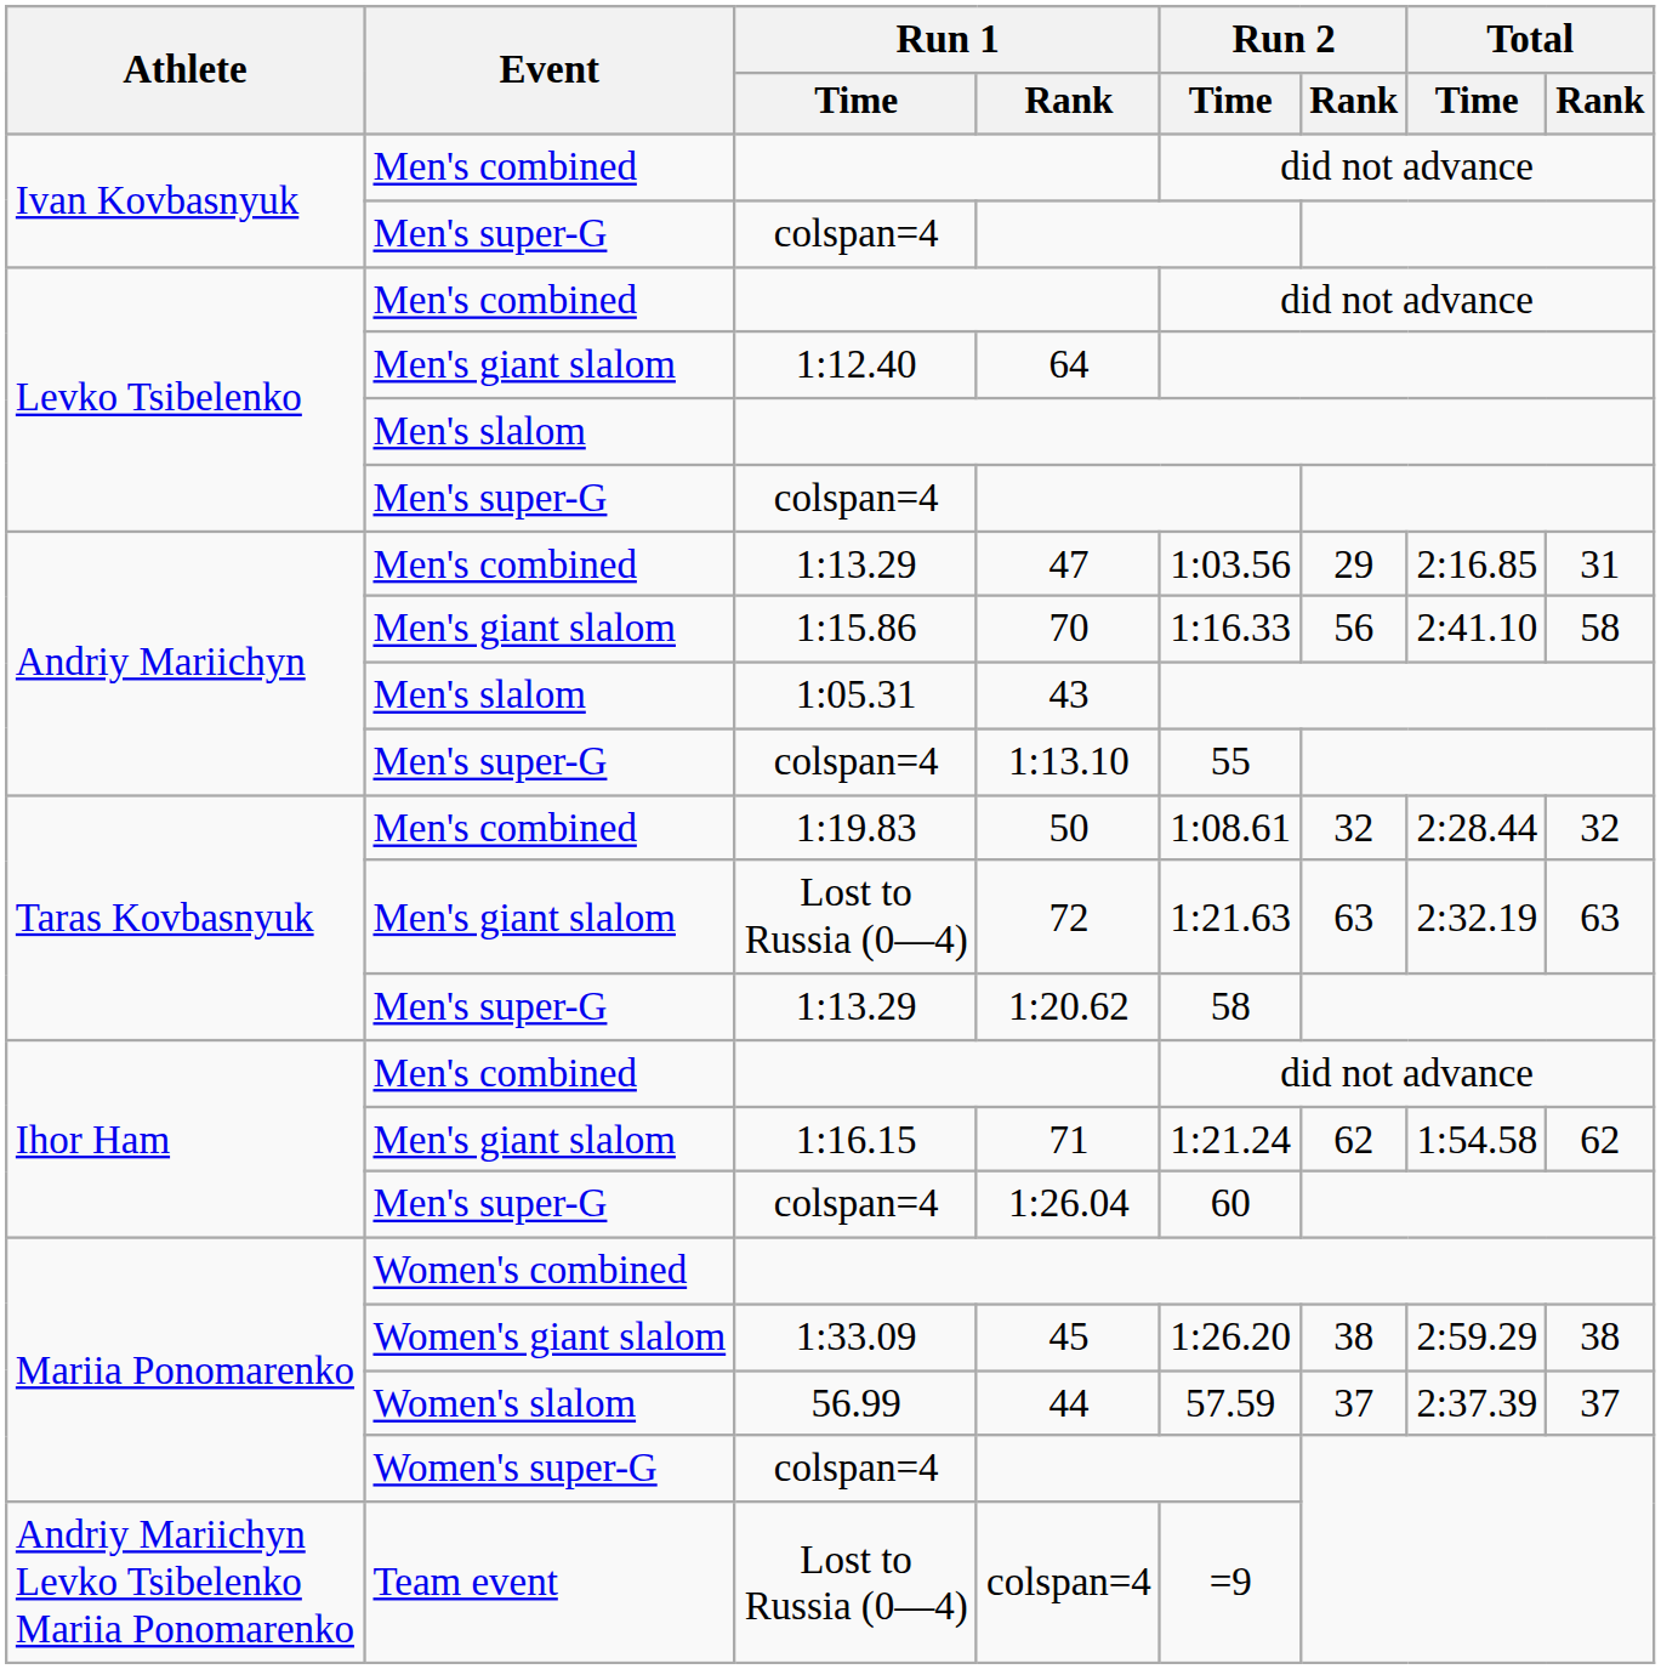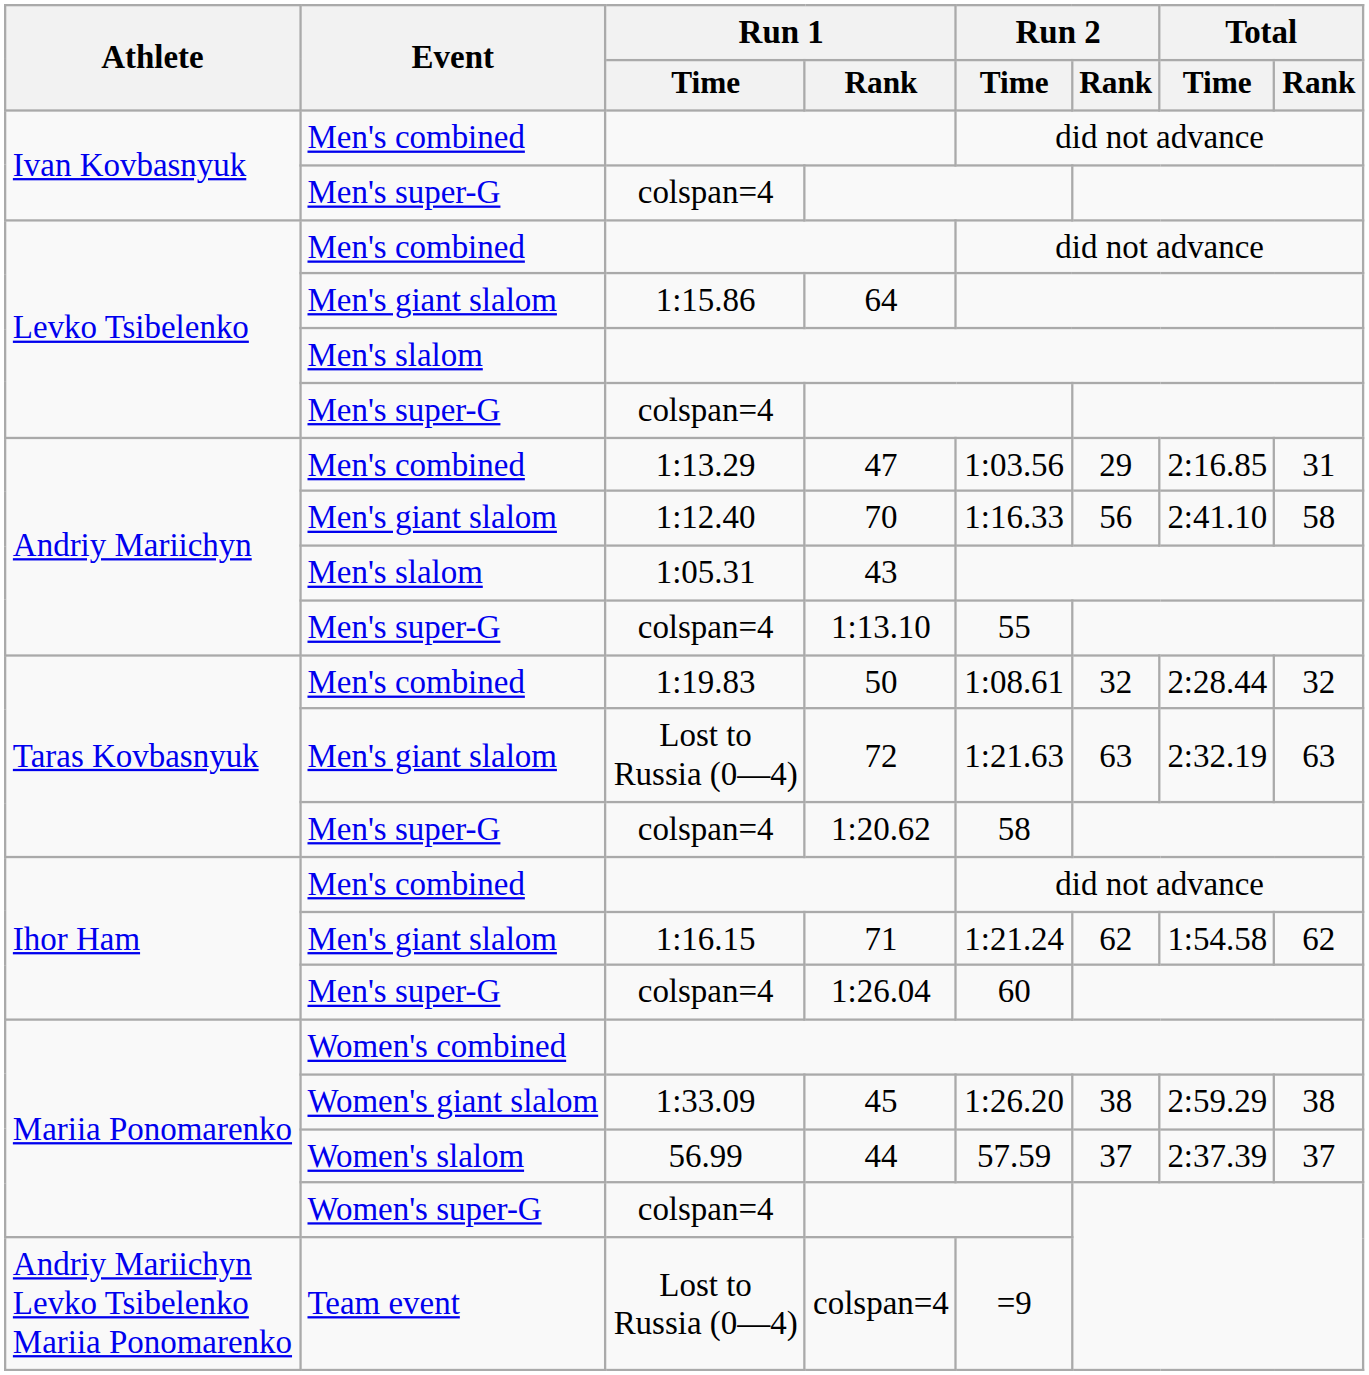 <table class=wikitable style=font-size:90%;text-align:center>
 <tr>
 <th rowspan=2>Athlete</th>
 <th rowspan=2>Event</th>
 <th colspan=2>Run 1</th>
 <th colspan=2>Run 2</th>
 <th colspan=2>Total</th>
 </tr>
 <tr style=font-size:95%>
 <th>Time</th>
 <th>Rank</th>
 <th>Time</th>
 <th>Rank</th>
 <th>Time</th>
 <th>Rank</th>
 </tr>
 <tr>
 <td align=left rowspan=2><a href='#'>Ivan Kovbasnyuk</a></td>
 <td align=left><a href='#'>Men's combined</a></td>
 <td colspan=2></td>
 <td colspan=4>did not advance</td>
 </tr>
 <tr>
 <td align=left><a href='#'>Men's super-G</a></td>
 <td>colspan=4 </td>
 <td colspan=2></td>
 </tr>
 <tr>
 <td align=left rowspan=4><a href='#'>Levko Tsibelenko</a></td>
 <td align=left><a href='#'>Men's combined</a></td>
 <td colspan=2></td>
 <td colspan=4>did not advance</td>
 </tr>
 <tr>
 <td align=left><a href='#'>Men's giant slalom</a></td>
-<td>1:12.40</td>
+<td>1:15.86</td>
 <td>64</td>
 <td colspan=4></td>
 </tr>
 <tr>
 <td align=left><a href='#'>Men's slalom</a></td>
 <td colspan=6></td>
 </tr>
 <tr>
 <td align=left><a href='#'>Men's super-G</a></td>
 <td>colspan=4 </td>
 <td colspan=2></td>
 </tr>
 <tr>
 <td align=left rowspan=4><a href='#'>Andriy Mariichyn</a></td>
 <td align=left><a href='#'>Men's combined</a></td>
 <td>1:13.29</td>
 <td>47</td>
 <td>1:03.56</td>
 <td>29</td>
 <td>2:16.85</td>
 <td>31</td>
 </tr>
 <tr>
 <td align=left><a href='#'>Men's giant slalom</a></td>
-<td>1:15.86</td>
+<td>1:12.40</td>
 <td>70</td>
 <td>1:16.33</td>
 <td>56</td>
 <td>2:41.10</td>
 <td>58</td>
 </tr>
 <tr>
 <td align=left><a href='#'>Men's slalom</a></td>
 <td>1:05.31</td>
 <td>43</td>
 <td colspan=4></td>
 </tr>
 <tr>
 <td align=left><a href='#'>Men's super-G</a></td>
 <td>colspan=4 </td>
 <td>1:13.10</td>
 <td>55</td>
 </tr>
 <tr>
 <td align=left rowspan=3><a href='#'>Taras Kovbasnyuk</a></td>
 <td align=left><a href='#'>Men's combined</a></td>
 <td>1:19.83</td>
 <td>50</td>
 <td>1:08.61</td>
 <td>32</td>
 <td>2:28.44</td>
 <td>32</td>
 </tr>
 <tr>
 <td align=left><a href='#'>Men's giant slalom</a></td>
 <td>Lost to<br>Russia (0—4)</td>
 <td>72</td>
 <td>1:21.63</td>
 <td>63</td>
 <td>2:32.19</td>
 <td>63</td>
 </tr>
 <tr>
 <td align=left><a href='#'>Men's super-G</a></td>
-<td>1:13.29</td>
+<td>colspan=4 </td>
 <td>1:20.62</td>
 <td>58</td>
 </tr>
 <tr>
 <td align=left rowspan=3><a href='#'>Ihor Ham</a></td>
 <td align=left><a href='#'>Men's combined</a></td>
 <td colspan=2></td>
 <td colspan=4>did not advance</td>
 </tr>
 <tr>
 <td align=left><a href='#'>Men's giant slalom</a></td>
 <td>1:16.15</td>
 <td>71</td>
 <td>1:21.24</td>
 <td>62</td>
 <td>1:54.58</td>
 <td>62</td>
 </tr>
 <tr>
 <td align=left><a href='#'>Men's super-G</a></td>
 <td>colspan=4 </td>
 <td>1:26.04</td>
 <td>60</td>
 </tr>
 <tr>
 <td align=left rowspan=4><a href='#'>Mariia Ponomarenko</a></td>
 <td align=left><a href='#'>Women's combined</a></td>
 <td colspan=6></td>
 </tr>
 <tr>
 <td align=left><a href='#'>Women's giant slalom</a></td>
 <td>1:33.09</td>
 <td>45</td>
 <td>1:26.20</td>
 <td>38</td>
 <td>2:59.29</td>
 <td>38</td>
 </tr>
 <tr>
 <td align=left><a href='#'>Women's slalom</a></td>
 <td>56.99</td>
 <td>44</td>
 <td>57.59</td>
 <td>37</td>
 <td>2:37.39</td>
 <td>37</td>
 </tr>
 <tr>
 <td align=left><a href='#'>Women's super-G</a></td>
 <td>colspan=4 </td>
 <td colspan=2></td>
 </tr>
 <tr>
 <td align=left><a href='#'>Andriy Mariichyn</a><br><a href='#'>Levko Tsibelenko</a><br><a href='#'>Mariia Ponomarenko</a></td>
 <td align=left><a href='#'>Team event</a></td>
 <td>Lost to<br>Russia (0—4)</td>
 <td>colspan=4 </td>
 <td>=9</td>
 </tr>
 </table>
